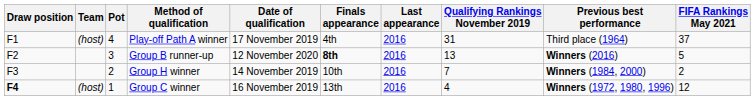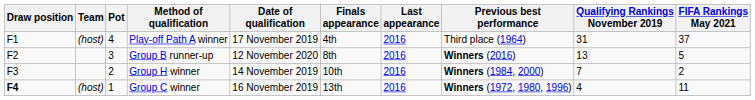 <table class="wikitable sortable">
 <tr>
 <th>Draw posi­tion</th>
 <th>Team</th>
 <th>Pot</th>
 <th>Method of<br>quali­fication</th>
 <th>Date of<br>quali­fication</th>
 <th data-sort-type="number">Finals<br>appea­rance</th>
 <th>Last<br>appea­rance</th>
+<th>Previous best<br>perfor­mance</th>
 <th><a href='#'>Qualifying Rankings</a><br>November 2019</th>
-<th>Previous best<br>perfor­mance</th>
 <th><a href='#'>FIFA Rankings</a><br>May 2021</th>
 </tr>
 <tr>
 <td>F1</td>
 <td style="white-space:nowrap"> <em>(host)</em></td>
 <td>4</td>
 <td><a href='#'>Play-off Path A</a> winner</td>
 <td>17 November 2019</td>
 <td>4th</td>
 <td><a href='#'>2016</a></td>
+<td data-sort-value="3">Third place (<a href='#'>1964</a>)</td>
 <td>31</td>
-<td data-sort-value="3">Third place (<a href='#'>1964</a>)</td>
 <td>37</td>
 </tr>
 <tr>
 <td>F2</td>
 <td style="white-space:nowrap"></td>
 <td>3</td>
 <td><a href='#'>Group B</a> runner-up</td>
 <td>12 November 2020</td>
-<td><strong>8th</strong></td>
+<td>8th</td>
 <td><a href='#'>2016</a></td>
+<td data-sort-value="1"><strong>Winners</strong> (<a href='#'>2016</a>)</td>
 <td>13</td>
-<td data-sort-value="1"><strong>Winners</strong> (<a href='#'>2016</a>)</td>
 <td>5</td>
 </tr>
 <tr>
 <td>F3</td>
 <td style="white-space:nowrap"></td>
 <td>2</td>
 <td><a href='#'>Group H</a> winner</td>
 <td>14 November 2019</td>
 <td>10th</td>
 <td><a href='#'>2016</a></td>
+<td data-sort-value="1"><strong>Winners</strong> (<a href='#'>1984</a>, <a href='#'>2000</a>)</td>
 <td>7</td>
-<td data-sort-value="1"><strong>Winners</strong> (<a href='#'>1984</a>, <a href='#'>2000</a>)</td>
 <td>2</td>
 </tr>
 <tr>
 <td><strong>F4</strong></td>
 <td style="white-space:nowrap"> <em>(host)</em></td>
 <td>1</td>
 <td><a href='#'>Group C</a> winner</td>
 <td>16 November 2019</td>
 <td>13th</td>
 <td><a href='#'>2016</a></td>
+<td data-sort-value="1"><strong>Winners</strong> (<a href='#'>1972</a>, <a href='#'>1980</a>, <a href='#'>1996</a>)</td>
 <td>4</td>
-<td data-sort-value="1"><strong>Winners</strong> (<a href='#'>1972</a>, <a href='#'>1980</a>, <a href='#'>1996</a>)</td>
-<td>12</td>
+<td>11</td>
 </tr>
 </table>
